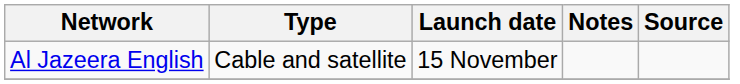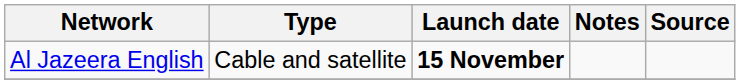 <table class="wikitable sortable">
 <tr>
 <th>Network</th>
 <th>Type</th>
 <th>Launch date</th>
 <th>Notes</th>
 <th>Source</th>
 </tr>
 <tr>
 <td><a href='#'>Al Jazeera English</a></td>
 <td>Cable and satellite</td>
-<td>15 November</td>
+<td><strong>15 November</strong></td>
 <td></td>
 <td></td>
 </tr>
 <tr>
 </tr>
 </table>
